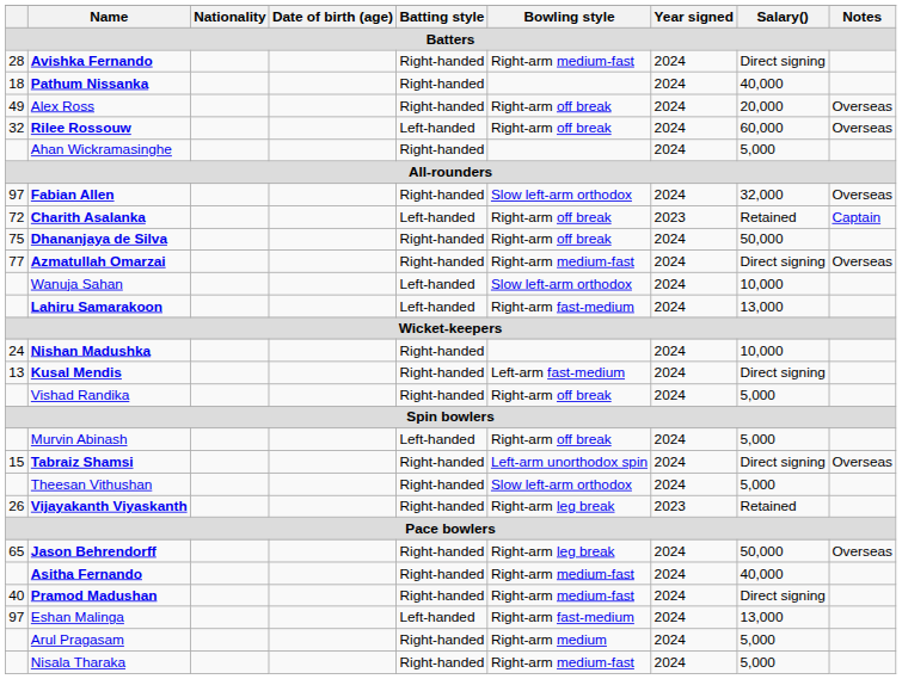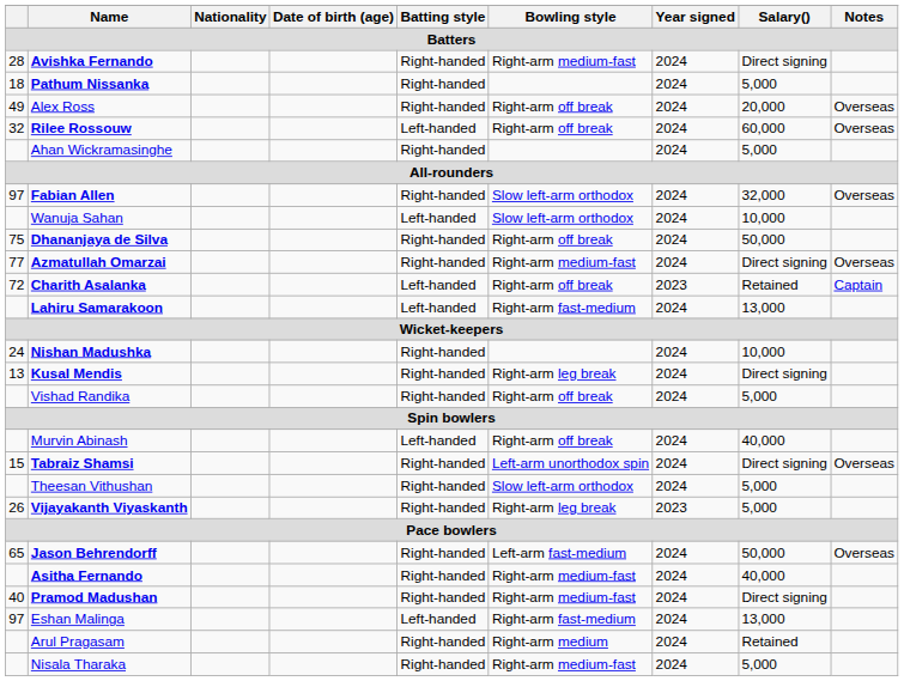 <table class="wikitable" style="font-size:90%;">
 <tr>
 </tr>
 <tr>
 <th></th>
 <th>Name</th>
 <th>Nationality</th>
 <th>Date of birth (age)</th>
 <th>Batting style</th>
 <th>Bowling style</th>
 <th>Year signed</th>
 <th>Salary()</th>
 <th>Notes</th>
 </tr>
 <tr>
 <td colspan="9" style="background:#dcdcdc; text-align:center;"><strong>Batters</strong></td>
 </tr>
 <tr>
 <td style="text-align:center;">28</td>
 <td><strong><a href='#'>Avishka Fernando</a></strong></td>
 <td></td>
 <td></td>
 <td>Right-handed</td>
 <td>Right-arm <a href='#'>medium-fast</a></td>
 <td>2024</td>
 <td>Direct signing</td>
 <td></td>
 </tr>
 <tr>
 <td style="text-align:center;">18</td>
 <td><strong><a href='#'>Pathum Nissanka</a></strong></td>
 <td></td>
 <td></td>
 <td>Right-handed</td>
 <td></td>
 <td>2024</td>
-<td>40,000</td>
+<td>5,000</td>
 <td></td>
 </tr>
 <tr>
 <td style="text-align:center;">49</td>
 <td><a href='#'>Alex Ross</a></td>
 <td></td>
 <td></td>
 <td>Right-handed</td>
 <td>Right-arm <a href='#'>off break</a></td>
 <td>2024</td>
 <td>20,000</td>
 <td>Overseas</td>
 </tr>
 <tr>
 <td style="text-align:center;">32</td>
 <td><strong><a href='#'>Rilee Rossouw</a></strong></td>
 <td></td>
 <td></td>
 <td>Left-handed</td>
 <td>Right-arm <a href='#'>off break</a></td>
 <td>2024</td>
 <td>60,000</td>
 <td>Overseas</td>
 </tr>
 <tr>
 <td></td>
 <td><a href='#'>Ahan Wickramasinghe</a></td>
 <td></td>
 <td></td>
 <td>Right-handed</td>
 <td></td>
 <td>2024</td>
 <td>5,000</td>
 <td></td>
 </tr>
 <tr>
 <td colspan="9" style="background: #DCDCDC" align="center"><strong>All-rounders</strong></td>
 </tr>
 <tr>
 <td style="text-align:center;">97</td>
 <td><strong><a href='#'>Fabian Allen</a></strong></td>
 <td></td>
 <td></td>
 <td>Right-handed</td>
 <td><a href='#'>Slow left-arm orthodox</a></td>
 <td>2024</td>
 <td>32,000</td>
 <td>Overseas</td>
 </tr>
 <tr>
-<td style="text-align:center">72</td>
-<td><strong><a href='#'>Charith Asalanka</a></strong></td>
+<td></td>
+<td><a href='#'>Wanuja Sahan</a></td>
 <td></td>
 <td></td>
 <td>Left-handed</td>
-<td>Right-arm <a href='#'>off break</a></td>
-<td>2023</td>
-<td>Retained</td>
-<td><a href='#'>Captain</a></td>
+<td><a href='#'>Slow left-arm orthodox</a></td>
+<td>2024</td>
+<td>10,000</td>
+<td></td>
 </tr>
 <tr>
 <td style="text-align:center;">75</td>
 <td><strong><a href='#'>Dhananjaya de Silva</a></strong></td>
 <td></td>
 <td></td>
 <td>Right-handed</td>
 <td>Right-arm <a href='#'>off break</a></td>
 <td>2024</td>
 <td>50,000</td>
 <td></td>
 </tr>
 <tr>
 <td style="text-align:center;">77</td>
 <td><strong><a href='#'>Azmatullah Omarzai</a></strong></td>
 <td></td>
 <td></td>
 <td>Right-handed</td>
 <td>Right-arm <a href='#'>medium-fast</a></td>
 <td>2024</td>
 <td>Direct signing</td>
 <td>Overseas</td>
 </tr>
 <tr>
-<td></td>
-<td><a href='#'>Wanuja Sahan</a></td>
+<td style="text-align:center">72</td>
+<td><strong><a href='#'>Charith Asalanka</a></strong></td>
 <td></td>
 <td></td>
 <td>Left-handed</td>
-<td><a href='#'>Slow left-arm orthodox</a></td>
-<td>2024</td>
-<td>10,000</td>
-<td></td>
+<td>Right-arm <a href='#'>off break</a></td>
+<td>2023</td>
+<td>Retained</td>
+<td><a href='#'>Captain</a></td>
 </tr>
 <tr>
 <td></td>
 <td><strong><a href='#'>Lahiru Samarakoon</a></strong></td>
 <td></td>
 <td></td>
 <td>Left-handed</td>
 <td>Right-arm <a href='#'>fast-medium</a></td>
 <td>2024</td>
 <td>13,000</td>
 <td></td>
 </tr>
 <tr>
 <td colspan="9" style="background: #DCDCDC" align="center"><strong>Wicket-keepers</strong></td>
 </tr>
 <tr>
 <td style="text-align:center;">24</td>
 <td><strong><a href='#'>Nishan Madushka</a></strong></td>
 <td></td>
 <td></td>
 <td>Right-handed</td>
 <td></td>
 <td>2024</td>
 <td>10,000</td>
 <td></td>
 </tr>
 <tr>
 <td style="text-align:center;">13</td>
 <td><strong><a href='#'>Kusal Mendis</a></strong></td>
 <td></td>
 <td></td>
 <td>Right-handed</td>
-<td>Left-arm <a href='#'>fast-medium</a></td>
+<td>Right-arm <a href='#'>leg break</a></td>
 <td>2024</td>
 <td>Direct signing</td>
 <td></td>
 </tr>
 <tr>
 <td></td>
 <td><a href='#'>Vishad Randika</a></td>
 <td></td>
 <td></td>
 <td>Right-handed</td>
 <td>Right-arm <a href='#'>off break</a></td>
 <td>2024</td>
 <td>5,000</td>
 <td></td>
 </tr>
 <tr>
 <td colspan="9" style="background: #DCDCDC" align="center"><strong>Spin bowlers</strong></td>
 </tr>
 <tr>
 <td></td>
 <td><a href='#'>Murvin Abinash</a></td>
 <td></td>
 <td></td>
 <td>Left-handed</td>
 <td>Right-arm <a href='#'>off break</a></td>
 <td>2024</td>
-<td>5,000</td>
+<td>40,000</td>
 <td></td>
 </tr>
 <tr>
 <td style="text-align:center;">15</td>
 <td><strong><a href='#'>Tabraiz Shamsi</a></strong></td>
 <td></td>
 <td></td>
 <td>Right-handed</td>
 <td><a href='#'>Left-arm unorthodox spin</a></td>
 <td>2024</td>
 <td>Direct signing</td>
 <td>Overseas</td>
 </tr>
 <tr>
 <td></td>
 <td><a href='#'>Theesan Vithushan</a></td>
 <td></td>
 <td></td>
 <td>Right-handed</td>
 <td><a href='#'>Slow left-arm orthodox</a></td>
 <td>2024</td>
 <td>5,000</td>
 <td></td>
 </tr>
 <tr>
 <td style="text-align:center;">26</td>
 <td><strong><a href='#'>Vijayakanth Viyaskanth</a></strong></td>
 <td></td>
 <td></td>
 <td>Right-handed</td>
 <td>Right-arm <a href='#'>leg break</a></td>
 <td>2023</td>
-<td>Retained</td>
+<td>5,000</td>
 <td></td>
 </tr>
 <tr>
 <td colspan="9" style="background: #DCDCDC" align="center"><strong>Pace bowlers</strong></td>
 </tr>
 <tr>
 <td style="text-align:center;">65</td>
 <td><strong><a href='#'>Jason Behrendorff</a></strong></td>
 <td></td>
 <td></td>
 <td>Right-handed</td>
-<td>Right-arm <a href='#'>leg break</a></td>
+<td>Left-arm <a href='#'>fast-medium</a></td>
 <td>2024</td>
 <td>50,000</td>
 <td>Overseas</td>
 </tr>
 <tr>
 <td style="text-align:center;"></td>
 <td><strong><a href='#'>Asitha Fernando</a></strong></td>
 <td></td>
 <td></td>
 <td>Right-handed</td>
 <td>Right-arm <a href='#'>medium-fast</a></td>
 <td>2024</td>
 <td>40,000</td>
 <td></td>
 </tr>
 <tr>
 <td style="text-align:center;">40</td>
 <td><strong><a href='#'>Pramod Madushan</a></strong></td>
 <td></td>
 <td></td>
 <td>Right-handed</td>
 <td>Right-arm <a href='#'>medium-fast</a></td>
 <td>2024</td>
 <td>Direct signing</td>
 <td></td>
 </tr>
 <tr>
 <td style="text-align:center;">97</td>
 <td><a href='#'>Eshan Malinga</a></td>
 <td></td>
 <td></td>
 <td>Left-handed</td>
 <td>Right-arm <a href='#'>fast-medium</a></td>
 <td>2024</td>
 <td>13,000</td>
 <td></td>
 </tr>
 <tr>
 <td></td>
 <td><a href='#'>Arul Pragasam</a></td>
 <td></td>
 <td></td>
 <td>Right-handed</td>
 <td>Right-arm <a href='#'>medium</a></td>
 <td>2024</td>
-<td>5,000</td>
+<td>Retained</td>
 <td></td>
 </tr>
 <tr>
 <td></td>
 <td><a href='#'>Nisala Tharaka</a></td>
 <td></td>
 <td></td>
 <td>Right-handed</td>
 <td>Right-arm <a href='#'>medium-fast</a></td>
 <td>2024</td>
 <td>5,000</td>
 <td></td>
 </tr>
 </table>
